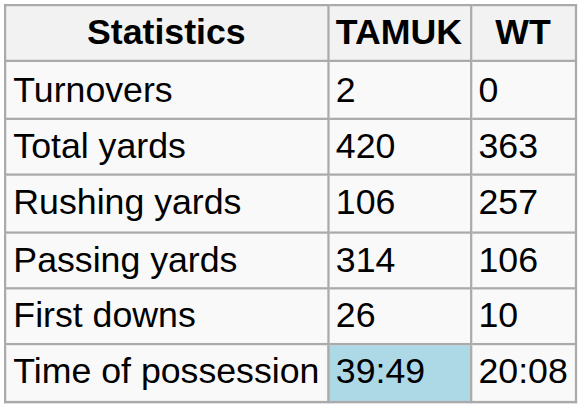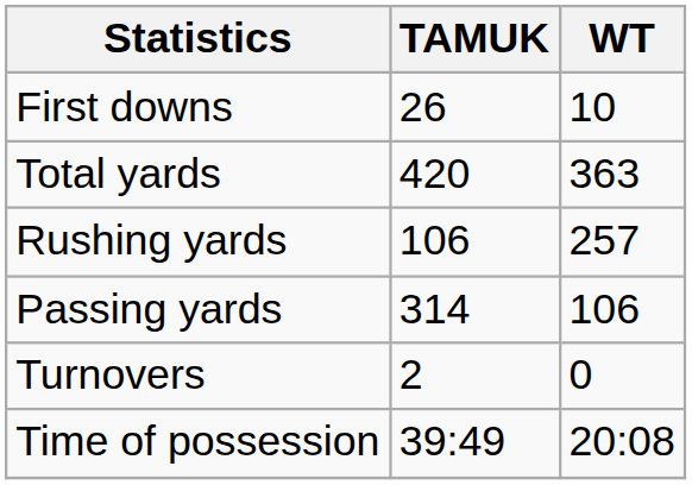 <table class="wikitable">
 <tr>
 <th>Statistics</th>
 <th>TAMUK</th>
 <th>WT</th>
 </tr>
 <tr>
-<td>Turnovers</td>
-<td>2</td>
-<td>0</td>
+<td>First downs</td>
+<td>26</td>
+<td>10</td>
 </tr>
 <tr>
 <td>Total yards</td>
 <td>420</td>
 <td>363</td>
 </tr>
 <tr>
 <td>Rushing yards</td>
 <td>106</td>
 <td>257</td>
 </tr>
 <tr>
 <td>Passing yards</td>
 <td>314</td>
 <td>106</td>
 </tr>
 <tr>
-<td>First downs</td>
-<td>26</td>
-<td>10</td>
+<td>Turnovers</td>
+<td>2</td>
+<td>0</td>
 </tr>
 <tr>
 <td>Time of possession</td>
-<td style="background: lightblue;">39:49</td>
+<td>39:49</td>
 <td>20:08</td>
 </tr>
 <tr>
 </tr>
 </table>
